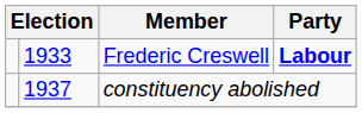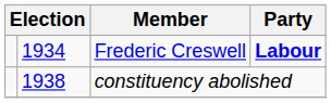 <table class="wikitable">
 <tr>
 <th colspan="2">Election</th>
 <th>Member</th>
 <th>Party</th>
 </tr>
 <tr>
 <td style="background-color: "></td>
-<td><a href='#'>1933</a></td>
+<td><a href='#'>1934</a></td>
 <td><a href='#'>Frederic Creswell</a></td>
 <td><strong><a href='#'>Labour</a></strong></td>
 </tr>
 <tr>
 <td style="background-color: "></td>
-<td><a href='#'>1937</a></td>
+<td><a href='#'>1938</a></td>
 <td colspan="2"><em>constituency abolished</em></td>
 </tr>
 <tr>
 </tr>
 </table>
